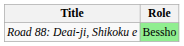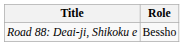 <table class="wikitable">
 <tr>
 <th>Title</th>
 <th>Role</th>
 </tr>
 <tr>
 <td><em>Road 88: Deai-ji, Shikoku e</em></td>
-<td style="background: lightgreen;">Bessho</td>
+<td>Bessho</td>
 </tr>
 </table>
